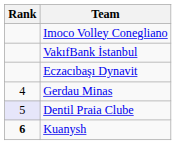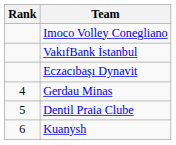 <table class="wikitable" style="text-align:center;">
 <tr>
 <th width=40>Rank</th>
 <th>Team</th>
 </tr>
 <tr>
 <td></td>
 <td style="text-align:left;"> <a href='#'>Imoco Volley Conegliano</a></td>
 </tr>
 <tr>
 <td></td>
 <td style="text-align:left;"> <a href='#'>VakıfBank İstanbul</a></td>
 </tr>
 <tr>
 <td></td>
 <td style="text-align:left;"> <a href='#'>Eczacıbaşı Dynavit</a></td>
 </tr>
 <tr>
 <td>4</td>
 <td style="text-align:left;"> <a href='#'>Gerdau Minas</a></td>
 </tr>
 <tr>
-<td style="background: lavender;">5</td>
+<td>5</td>
 <td style="text-align:left;"> <a href='#'>Dentil Praia Clube</a></td>
 </tr>
 <tr>
-<td><strong>6</strong></td>
+<td>6</td>
 <td style="text-align:left;"> <a href='#'>Kuanysh</a></td>
 </tr>
 </table>
